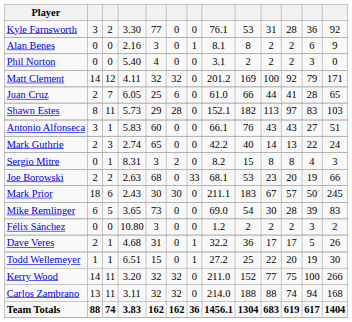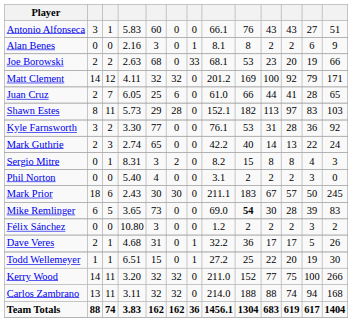 <table class="wikitable sortable" style="text-align:center;">
 <tr>
 <th>Player</th>
 <th></th>
 <th></th>
 <th></th>
 <th></th>
 <th></th>
 <th></th>
 <th></th>
 <th></th>
 <th></th>
 <th></th>
 <th></th>
 <th></th>
 </tr>
 <tr>
-<td align=left><a href='#'>Kyle Farnsworth</a></td>
+<td align=left><a href='#'>Antonio Alfonseca</a></td>
 <td>3</td>
-<td>2</td>
-<td>3.30</td>
-<td>77</td>
+<td>1</td>
+<td>5.83</td>
+<td>60</td>
 <td>0</td>
 <td>0</td>
-<td>76.1</td>
-<td>53</td>
-<td>31</td>
-<td>28</td>
-<td>36</td>
-<td>92</td>
+<td>66.1</td>
+<td>76</td>
+<td>43</td>
+<td>43</td>
+<td>27</td>
+<td>51</td>
 </tr>
 <tr>
 </tr>
 <tr>
 <td align=left><a href='#'>Alan Benes</a></td>
 <td>0</td>
 <td>0</td>
 <td>2.16</td>
 <td>3</td>
 <td>0</td>
 <td>1</td>
 <td>8.1</td>
 <td>8</td>
 <td>2</td>
 <td>2</td>
 <td>6</td>
 <td>9</td>
 </tr>
 <tr>
 </tr>
 <tr>
-<td align=left><a href='#'>Phil Norton</a></td>
-<td>0</td>
-<td>0</td>
-<td>5.40</td>
-<td>4</td>
-<td>0</td>
-<td>0</td>
-<td>3.1</td>
+<td align=left><a href='#'>Joe Borowski</a></td>
 <td>2</td>
 <td>2</td>
-<td>2</td>
-<td>3</td>
+<td>2.63</td>
+<td>68</td>
 <td>0</td>
+<td>33</td>
+<td>68.1</td>
+<td>53</td>
+<td>23</td>
+<td>20</td>
+<td>19</td>
+<td>66</td>
 </tr>
 <tr>
 </tr>
 <tr>
 <td align=left><a href='#'>Matt Clement</a></td>
 <td>14</td>
 <td>12</td>
 <td>4.11</td>
 <td>32</td>
 <td>32</td>
 <td>0</td>
 <td>201.2</td>
 <td>169</td>
 <td>100</td>
 <td>92</td>
 <td>79</td>
 <td>171</td>
 </tr>
 <tr>
 </tr>
 <tr>
 <td align=left><a href='#'>Juan Cruz</a></td>
 <td>2</td>
 <td>7</td>
 <td>6.05</td>
 <td>25</td>
 <td>6</td>
 <td>0</td>
 <td>61.0</td>
 <td>66</td>
 <td>44</td>
 <td>41</td>
 <td>28</td>
 <td>65</td>
 </tr>
 <tr>
 </tr>
 <tr>
 <td align=left><a href='#'>Shawn Estes</a></td>
 <td>8</td>
 <td>11</td>
 <td>5.73</td>
 <td>29</td>
 <td>28</td>
 <td>0</td>
 <td>152.1</td>
 <td>182</td>
 <td>113</td>
 <td>97</td>
 <td>83</td>
 <td>103</td>
 </tr>
 <tr>
 </tr>
 <tr>
-<td align=left><a href='#'>Antonio Alfonseca</a></td>
+<td align=left><a href='#'>Kyle Farnsworth</a></td>
 <td>3</td>
-<td>1</td>
-<td>5.83</td>
-<td>60</td>
+<td>2</td>
+<td>3.30</td>
+<td>77</td>
 <td>0</td>
 <td>0</td>
-<td>66.1</td>
-<td>76</td>
-<td>43</td>
-<td>43</td>
-<td>27</td>
-<td>51</td>
+<td>76.1</td>
+<td>53</td>
+<td>31</td>
+<td>28</td>
+<td>36</td>
+<td>92</td>
 </tr>
 <tr>
 </tr>
 <tr>
 <td align=left><a href='#'>Mark Guthrie</a></td>
 <td>2</td>
 <td>3</td>
 <td>2.74</td>
 <td>65</td>
 <td>0</td>
 <td>0</td>
 <td>42.2</td>
 <td>40</td>
 <td>14</td>
 <td>13</td>
 <td>22</td>
 <td>24</td>
 </tr>
 <tr>
 </tr>
 <tr>
 <td align=left><a href='#'>Sergio Mitre</a></td>
 <td>0</td>
 <td>1</td>
 <td>8.31</td>
 <td>3</td>
 <td>2</td>
 <td>0</td>
 <td>8.2</td>
 <td>15</td>
 <td>8</td>
 <td>8</td>
 <td>4</td>
 <td>3</td>
 </tr>
 <tr>
 </tr>
 <tr>
-<td align=left><a href='#'>Joe Borowski</a></td>
+<td align=left><a href='#'>Phil Norton</a></td>
+<td>0</td>
+<td>0</td>
+<td>5.40</td>
+<td>4</td>
+<td>0</td>
+<td>0</td>
+<td>3.1</td>
 <td>2</td>
 <td>2</td>
-<td>2.63</td>
-<td>68</td>
+<td>2</td>
+<td>3</td>
 <td>0</td>
-<td>33</td>
-<td>68.1</td>
-<td>53</td>
-<td>23</td>
-<td>20</td>
-<td>19</td>
-<td>66</td>
 </tr>
 <tr>
 </tr>
 <tr>
 <td align=left><a href='#'>Mark Prior</a></td>
 <td>18</td>
 <td>6</td>
 <td>2.43</td>
 <td>30</td>
 <td>30</td>
 <td>0</td>
 <td>211.1</td>
 <td>183</td>
 <td>67</td>
 <td>57</td>
 <td>50</td>
 <td>245</td>
 </tr>
 <tr>
 </tr>
 <tr>
 <td align=left><a href='#'>Mike Remlinger</a></td>
 <td>6</td>
 <td>5</td>
 <td>3.65</td>
 <td>73</td>
 <td>0</td>
 <td>0</td>
 <td>69.0</td>
-<td>54</td>
+<td><strong>54</strong></td>
 <td>30</td>
 <td>28</td>
 <td>39</td>
 <td>83</td>
 </tr>
 <tr>
 </tr>
 <tr>
 <td align=left><a href='#'>Félix Sánchez</a></td>
 <td>0</td>
 <td>0</td>
 <td>10.80</td>
 <td>3</td>
 <td>0</td>
 <td>0</td>
 <td>1.2</td>
 <td>2</td>
 <td>2</td>
 <td>2</td>
 <td>3</td>
 <td>2</td>
 </tr>
 <tr>
 </tr>
 <tr>
 <td align=left><a href='#'>Dave Veres</a></td>
 <td>2</td>
 <td>1</td>
 <td>4.68</td>
 <td>31</td>
 <td>0</td>
 <td>1</td>
 <td>32.2</td>
 <td>36</td>
 <td>17</td>
 <td>17</td>
 <td>5</td>
 <td>26</td>
 </tr>
 <tr>
 </tr>
 <tr>
 <td align=left><a href='#'>Todd Wellemeyer</a></td>
 <td>1</td>
 <td>1</td>
 <td>6.51</td>
 <td>15</td>
 <td>0</td>
 <td>1</td>
 <td>27.2</td>
 <td>25</td>
 <td>22</td>
 <td>20</td>
 <td>19</td>
 <td>30</td>
 </tr>
 <tr>
 <td align=left><a href='#'>Kerry Wood</a></td>
 <td>14</td>
 <td>11</td>
 <td>3.20</td>
 <td>32</td>
 <td>32</td>
 <td>0</td>
 <td>211.0</td>
 <td>152</td>
 <td>77</td>
 <td>75</td>
 <td>100</td>
 <td>266</td>
 </tr>
 <tr>
 <td align=left><a href='#'>Carlos Zambrano</a></td>
 <td>13</td>
 <td>11</td>
 <td>3.11</td>
 <td>32</td>
 <td>32</td>
 <td>0</td>
 <td>214.0</td>
 <td>188</td>
 <td>88</td>
 <td>74</td>
 <td>94</td>
 <td>168</td>
 </tr>
 <tr>
 <td align=left><strong>Team Totals</strong></td>
 <td><strong>88</strong></td>
 <td><strong>74</strong></td>
 <td><strong>3.83</strong></td>
 <td><strong>162</strong></td>
 <td><strong>162</strong></td>
 <td><strong>36</strong></td>
 <td><strong>1456.1</strong></td>
 <td><strong>1304</strong></td>
 <td><strong>683</strong></td>
 <td><strong>619</strong></td>
 <td><strong>617</strong></td>
 <td><strong>1404</strong></td>
 </tr>
 <tr class=="sortbottom">
 </tr>
 </table>
